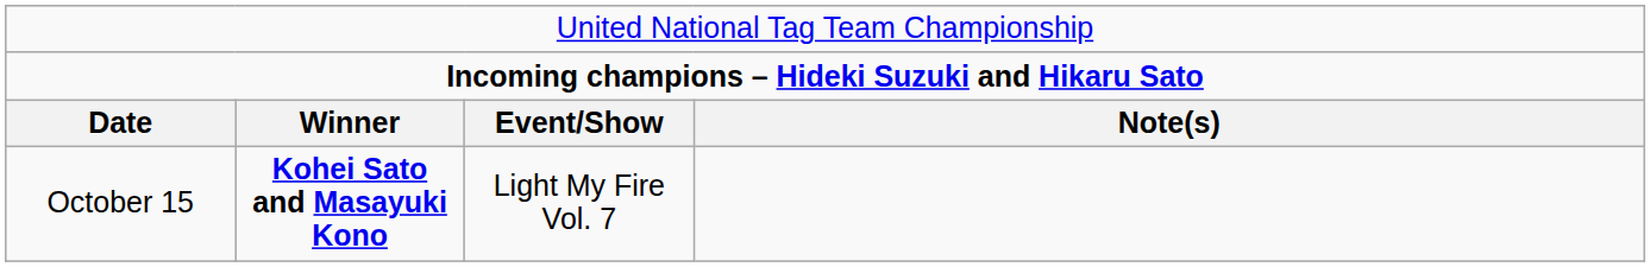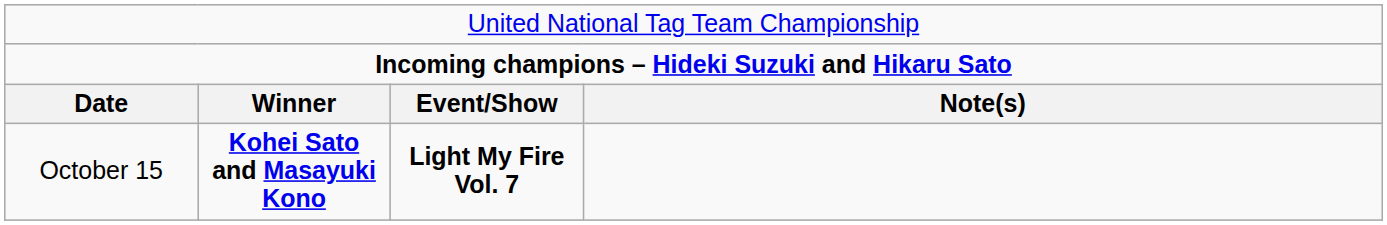 <table class="wikitable" style="text-align:center; width:100%;">
 <tr>
 <td colspan="4" style="text-align: center;"><a href='#'>United National Tag Team Championship</a></td>
 </tr>
 <tr>
 <td colspan="4" style="text-align: center;"><strong>Incoming champions – <a href='#'>Hideki Suzuki</a> and <a href='#'>Hikaru Sato</a></strong></td>
 </tr>
 <tr>
 <th width=14%>Date</th>
 <th width=14%>Winner</th>
 <th width=14%>Event/Show</th>
 <th width=58%>Note(s)</th>
 </tr>
 <tr>
 <td>October 15</td>
 <td><strong><a href='#'>Kohei Sato</a> and <a href='#'>Masayuki Kono</a></strong></td>
-<td>Light My Fire Vol. 7</td>
+<td><strong>Light My Fire Vol. 7</strong></td>
 <td></td>
 </tr>
 </table>
